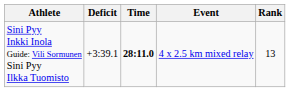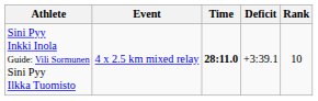 <table class="wikitable" style="font-size:90%">
 <tr>
 <th>Athlete</th>
+<th>Event</th>
+<th>Time</th>
 <th>Deficit</th>
-<th>Time</th>
-<th>Event</th>
 <th>Rank</th>
 </tr>
 <tr align=center>
 <td align=left><a href='#'>Sini Pyy</a><br><a href='#'>Inkki Inola</a><br><small>Guide: <a href='#'>Vili Sormunen</a></small><br>Sini Pyy<br><a href='#'>Ilkka Tuomisto</a></td>
+<td align=left><a href='#'>4 x 2.5 km mixed relay</a></td>
+<td><strong>28:11.0</strong></td>
 <td>+3:39.1</td>
-<td><strong>28:11.0</strong></td>
-<td align=left><a href='#'>4 x 2.5 km mixed relay</a></td>
-<td>13</td>
+<td>10</td>
 </tr>
 </table>
